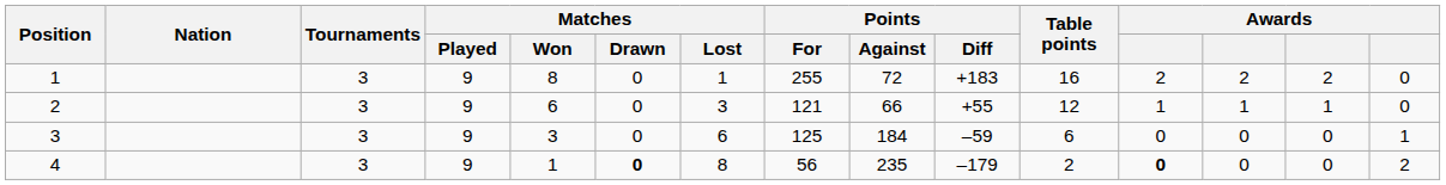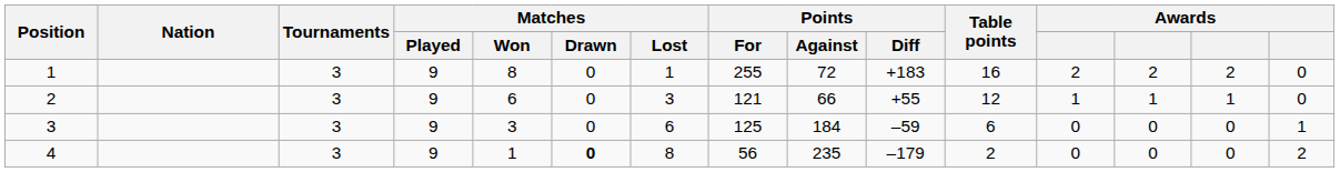 <table class="wikitable" style="text-align:center">
 <tr>
 <th rowspan="2" style="width:7%">Position</th>
 <th rowspan="2" style="width:14%">Nation</th>
 <th rowspan="2" style="width:7%">Tournaments</th>
 <th colspan="4" style="width:28%">Matches</th>
 <th colspan="3" style="width:21%">Points</th>
 <th rowspan="2" style="width:7%">Table<br> points</th>
 <th colspan="4" style="width:24%">Awards</th>
 </tr>
 <tr>
 <th style="width:6%">Played</th>
 <th style="width:6%">Won</th>
 <th style="width:6%">Drawn</th>
 <th style="width:6%">Lost</th>
 <th style="width:6%">For</th>
 <th style="width:6%">Against</th>
 <th style="width:6%">Diff</th>
 <th style="width:6%"></th>
 <th style="width:6%"></th>
 <th style="width:6%"></th>
 <th style="width:6%"></th>
 </tr>
 <tr>
 <td>1</td>
 <td align="left"></td>
 <td>3</td>
 <td>9</td>
 <td>8</td>
 <td>0</td>
 <td>1</td>
 <td>255</td>
 <td>72</td>
 <td>+183</td>
 <td>16</td>
 <td>2</td>
 <td>2</td>
 <td>2</td>
 <td>0</td>
 </tr>
 <tr>
 <td>2</td>
 <td align="left"></td>
 <td>3</td>
 <td>9</td>
 <td>6</td>
 <td>0</td>
 <td>3</td>
 <td>121</td>
 <td>66</td>
 <td>+55</td>
 <td>12</td>
 <td>1</td>
 <td>1</td>
 <td>1</td>
 <td>0</td>
 </tr>
 <tr>
 <td>3</td>
 <td align="left"></td>
 <td>3</td>
 <td>9</td>
 <td>3</td>
 <td>0</td>
 <td>6</td>
 <td>125</td>
 <td>184</td>
 <td>–59</td>
 <td>6</td>
 <td>0</td>
 <td>0</td>
 <td>0</td>
 <td>1</td>
 </tr>
 <tr>
 <td>4</td>
 <td align="left"></td>
 <td>3</td>
 <td>9</td>
 <td>1</td>
 <td><strong>0</strong></td>
 <td>8</td>
 <td>56</td>
 <td>235</td>
 <td>–179</td>
 <td>2</td>
-<td><strong>0</strong></td>
+<td>0</td>
 <td>0</td>
 <td>0</td>
 <td>2</td>
 </tr>
 </table>
